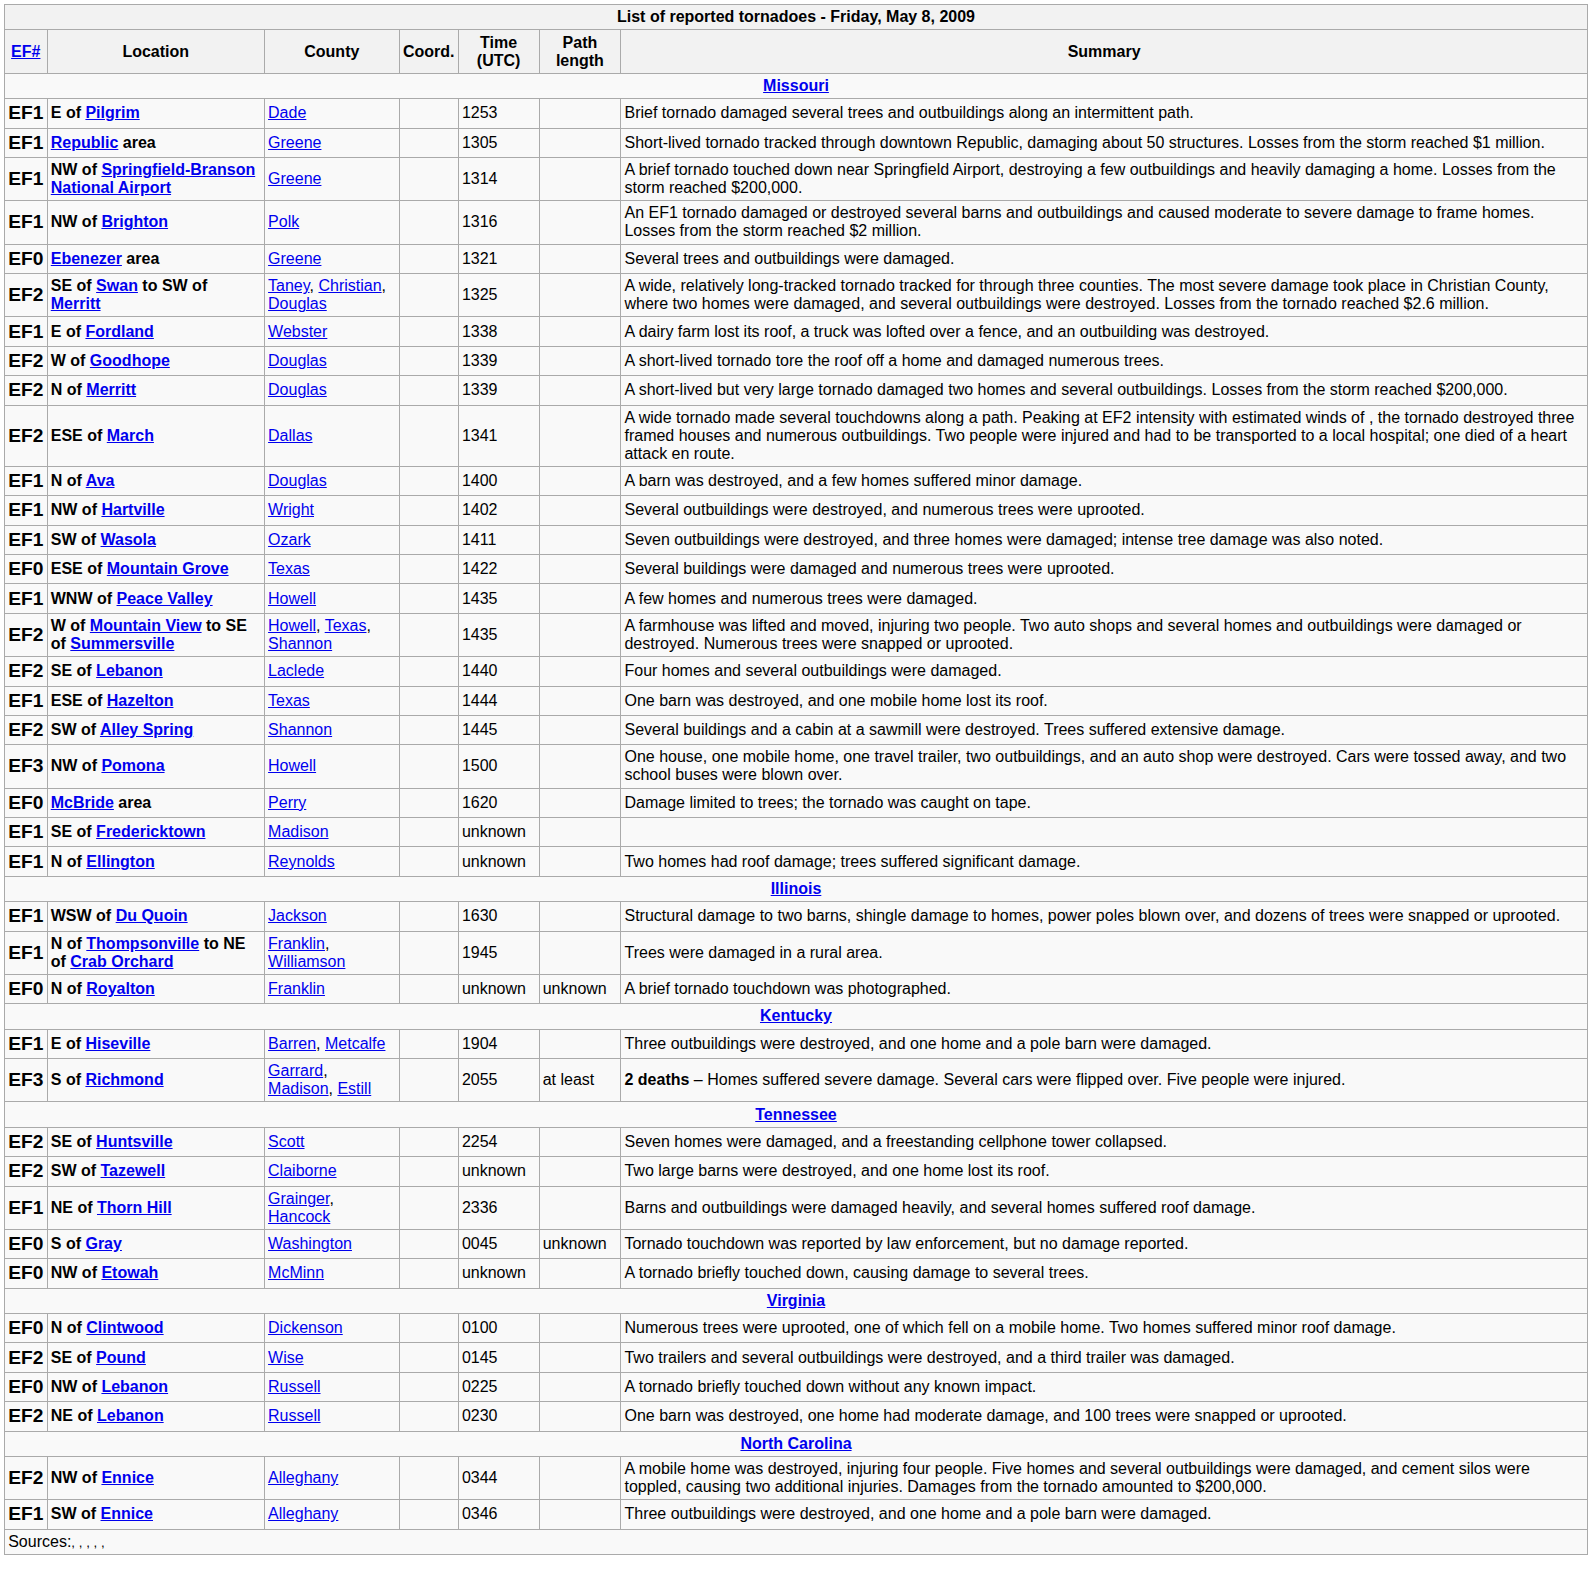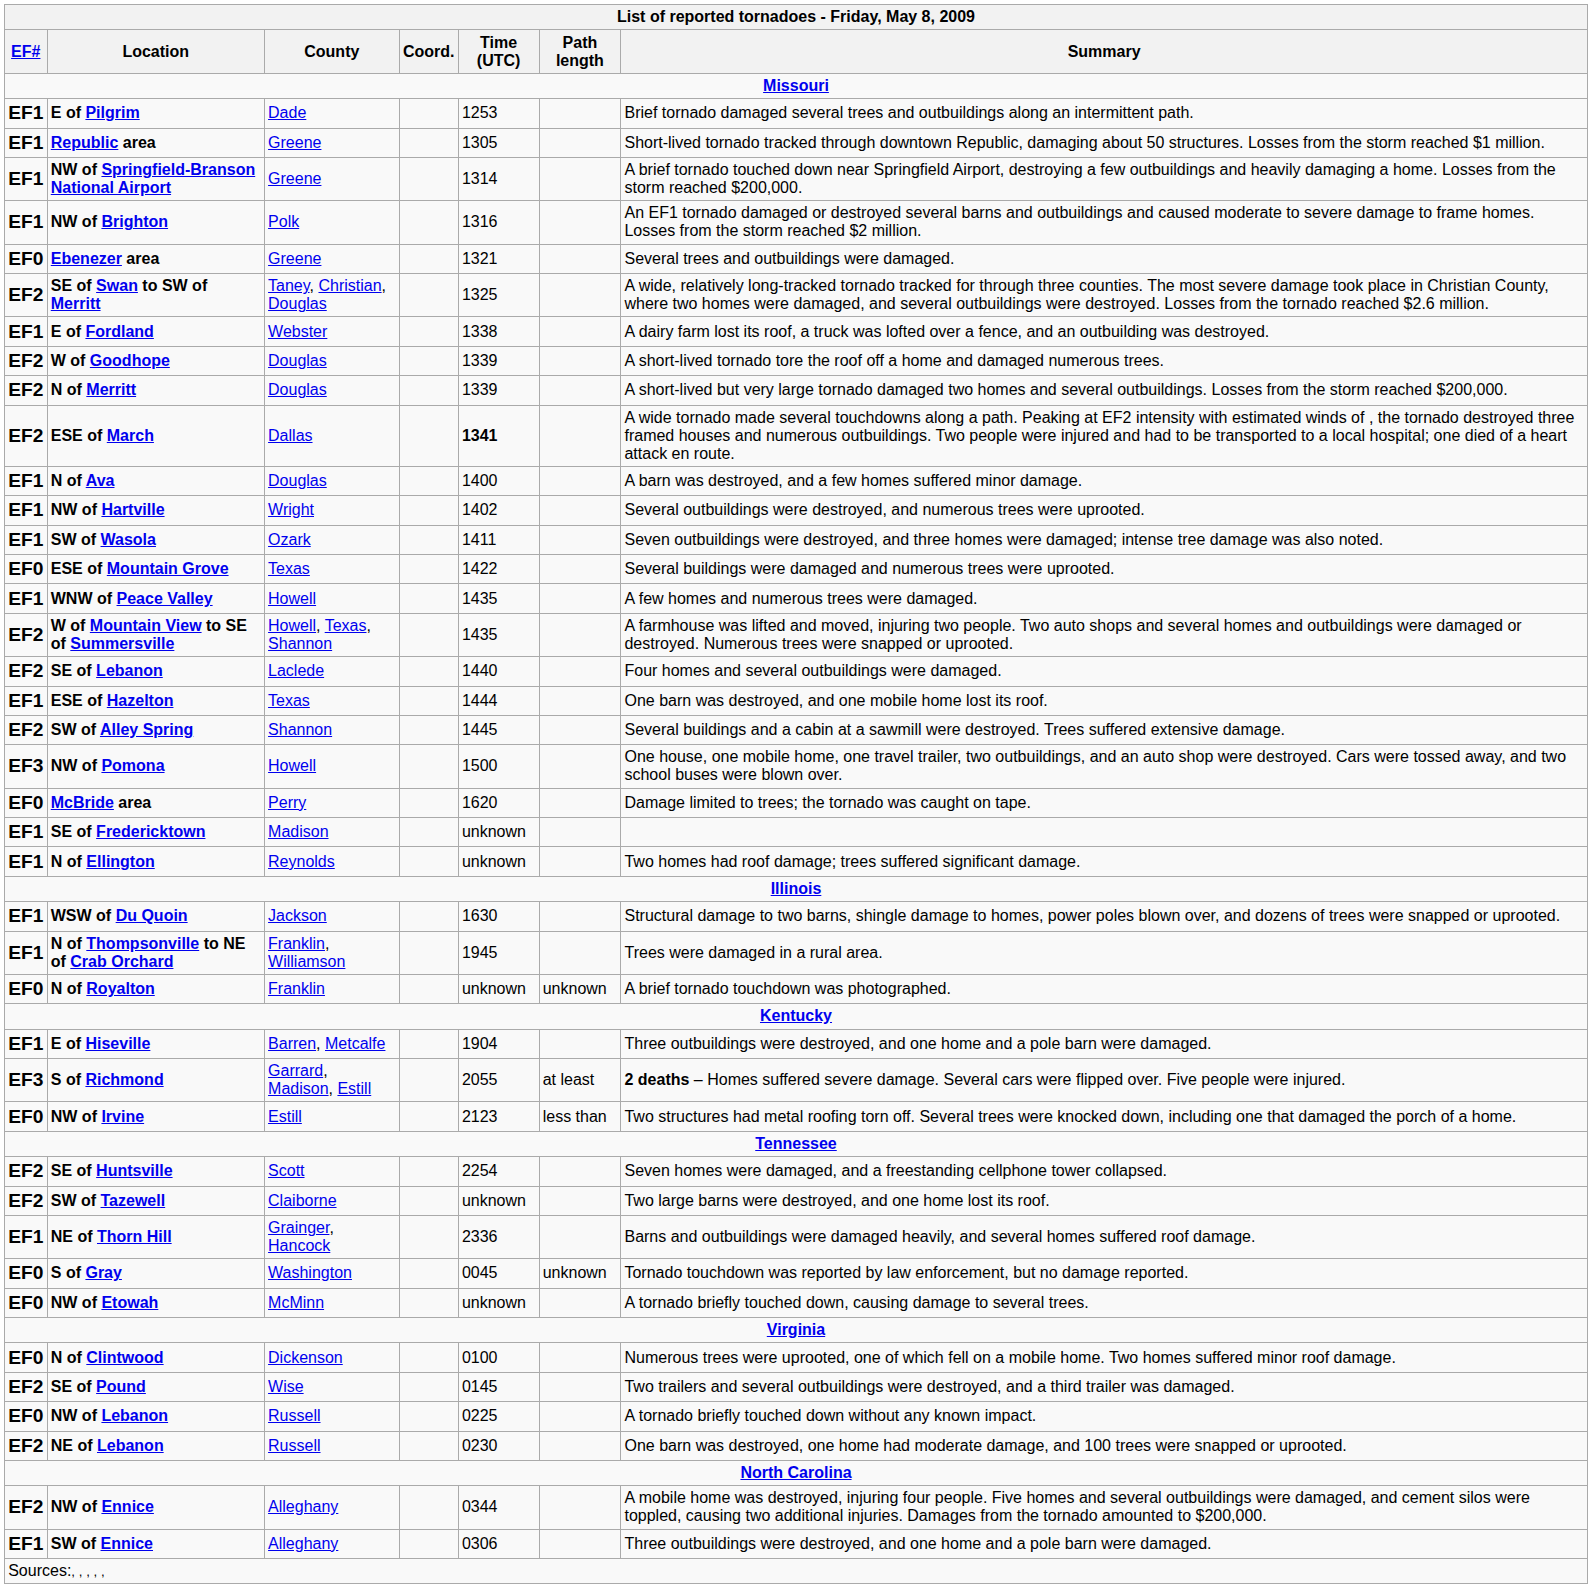 <table class="wikitable collapsible" width="100%">
 <tr>
 <th colspan="7">List of reported tornadoes - Friday, May 8, 2009</th>
 </tr>
 <tr>
 <th><a href='#'>EF#</a></th>
 <th>Location</th>
 <th>County</th>
 <th>Coord.</th>
 <th>Time (UTC)</th>
 <th>Path length</th>
 <th>Summary</th>
 </tr>
 <tr>
 <td colspan="7" align=center><strong><a href='#'>Missouri</a></strong></td>
 </tr>
 <tr>
 <td><big><strong>EF1</strong></big></td>
 <td><strong>E of <a href='#'>Pilgrim</a></strong></td>
 <td><a href='#'>Dade</a></td>
 <td></td>
 <td>1253</td>
 <td></td>
 <td>Brief tornado damaged several trees and outbuildings along an intermittent path.</td>
 </tr>
 <tr>
 <td><big><strong>EF1</strong></big></td>
 <td><strong><a href='#'>Republic</a> area</strong></td>
 <td><a href='#'>Greene</a></td>
 <td></td>
 <td>1305</td>
 <td></td>
 <td>Short-lived tornado tracked through downtown Republic, damaging about 50 structures. Losses from the storm reached $1 million.</td>
 </tr>
 <tr>
 <td><big><strong>EF1</strong></big></td>
 <td><strong>NW of <a href='#'>Springfield-Branson National Airport</a></strong></td>
 <td><a href='#'>Greene</a></td>
 <td></td>
 <td>1314</td>
 <td></td>
 <td>A brief tornado touched down near Springfield Airport, destroying a few outbuildings and heavily damaging a home. Losses from the storm reached $200,000.</td>
 </tr>
 <tr>
 <td><big><strong>EF1</strong></big></td>
 <td><strong>NW of <a href='#'>Brighton</a></strong></td>
 <td><a href='#'>Polk</a></td>
 <td></td>
 <td>1316</td>
 <td></td>
 <td>An EF1 tornado damaged or destroyed several barns and outbuildings and caused moderate to severe damage to frame homes. Losses from the storm reached $2 million.</td>
 </tr>
 <tr>
 <td><big><strong>EF0</strong></big></td>
 <td><strong><a href='#'>Ebenezer</a> area</strong></td>
 <td><a href='#'>Greene</a></td>
 <td></td>
 <td>1321</td>
 <td></td>
 <td>Several trees and outbuildings were damaged.</td>
 </tr>
 <tr>
 <td><big><strong>EF2</strong></big></td>
 <td><strong>SE of <a href='#'>Swan</a> to SW of <a href='#'>Merritt</a></strong></td>
 <td><a href='#'>Taney</a>, <a href='#'>Christian</a>, <a href='#'>Douglas</a></td>
 <td></td>
 <td>1325</td>
 <td></td>
 <td>A  wide, relatively long-tracked tornado tracked for  through three counties. The most severe damage took place in Christian County, where two homes were damaged, and several outbuildings were destroyed. Losses from the tornado reached $2.6 million.</td>
 </tr>
 <tr>
 <td><big><strong>EF1</strong></big></td>
 <td><strong>E of <a href='#'>Fordland</a></strong></td>
 <td><a href='#'>Webster</a></td>
 <td></td>
 <td>1338</td>
 <td></td>
 <td>A dairy farm lost its roof, a truck was lofted over a fence, and an outbuilding was destroyed.</td>
 </tr>
 <tr>
 <td><big><strong>EF2</strong></big></td>
 <td><strong>W of <a href='#'>Goodhope</a></strong></td>
 <td><a href='#'>Douglas</a></td>
 <td></td>
 <td>1339</td>
 <td></td>
 <td>A short-lived tornado tore the roof off a home and damaged numerous trees.</td>
 </tr>
 <tr>
 <td><big><strong>EF2</strong></big></td>
 <td><strong>N of <a href='#'>Merritt</a></strong></td>
 <td><a href='#'>Douglas</a></td>
 <td></td>
 <td>1339</td>
 <td></td>
 <td>A short-lived but very large  tornado damaged two homes and several outbuildings. Losses from the storm reached $200,000.</td>
 </tr>
 <tr>
 <td><big><strong>EF2</strong></big></td>
 <td><strong>ESE of <a href='#'>March</a></strong></td>
 <td><a href='#'>Dallas</a></td>
 <td></td>
-<td>1341</td>
+<td><strong>1341</strong></td>
 <td></td>
 <td>A  wide tornado made several touchdowns along a  path. Peaking at EF2 intensity with estimated winds of , the tornado destroyed three framed houses and numerous outbuildings. Two people were injured and had to be transported to a local hospital; one died of a heart attack en route.</td>
 </tr>
 <tr>
 <td><big><strong>EF1</strong></big></td>
 <td><strong>N of <a href='#'>Ava</a></strong></td>
 <td><a href='#'>Douglas</a></td>
 <td></td>
 <td>1400</td>
 <td></td>
 <td>A barn was destroyed, and a few homes suffered minor damage.</td>
 </tr>
 <tr>
 <td><big><strong>EF1</strong></big></td>
 <td><strong>NW of <a href='#'>Hartville</a></strong></td>
 <td><a href='#'>Wright</a></td>
 <td></td>
 <td>1402</td>
 <td></td>
 <td>Several outbuildings were destroyed, and numerous trees were uprooted.</td>
 </tr>
 <tr>
 <td><big><strong>EF1</strong></big></td>
 <td><strong>SW of <a href='#'>Wasola</a></strong></td>
 <td><a href='#'>Ozark</a></td>
 <td></td>
 <td>1411</td>
 <td></td>
 <td>Seven outbuildings were destroyed, and three homes were damaged; intense tree damage was also noted.</td>
 </tr>
 <tr>
 <td><big><strong>EF0</strong></big></td>
 <td><strong>ESE of <a href='#'>Mountain Grove</a></strong></td>
 <td><a href='#'>Texas</a></td>
 <td></td>
 <td>1422</td>
 <td></td>
 <td>Several buildings were damaged and numerous trees were uprooted.</td>
 </tr>
 <tr>
 <td><big><strong>EF1</strong></big></td>
 <td><strong>WNW of <a href='#'>Peace Valley</a></strong></td>
 <td><a href='#'>Howell</a></td>
 <td></td>
 <td>1435</td>
 <td></td>
 <td>A few homes and numerous trees were damaged.</td>
 </tr>
 <tr>
 <td><big><strong>EF2</strong></big></td>
 <td><strong>W of <a href='#'>Mountain View</a> to SE of <a href='#'>Summersville</a></strong></td>
 <td><a href='#'>Howell</a>, <a href='#'>Texas</a>, <a href='#'>Shannon</a></td>
 <td></td>
 <td>1435</td>
 <td></td>
 <td>A farmhouse was lifted and moved, injuring two people. Two auto shops and several homes and outbuildings were damaged or destroyed. Numerous trees were snapped or uprooted.</td>
 </tr>
 <tr>
 <td><big><strong>EF2</strong></big></td>
 <td><strong>SE of <a href='#'>Lebanon</a></strong></td>
 <td><a href='#'>Laclede</a></td>
 <td></td>
 <td>1440</td>
 <td></td>
 <td>Four homes and several outbuildings were damaged.</td>
 </tr>
 <tr>
 <td><big><strong>EF1</strong></big></td>
 <td><strong>ESE of <a href='#'>Hazelton</a></strong></td>
 <td><a href='#'>Texas</a></td>
 <td></td>
 <td>1444</td>
 <td></td>
 <td>One barn was destroyed, and one mobile home lost its roof.</td>
 </tr>
 <tr>
 <td><big><strong>EF2</strong></big></td>
 <td><strong>SW of <a href='#'>Alley Spring</a></strong></td>
 <td><a href='#'>Shannon</a></td>
 <td></td>
 <td>1445</td>
 <td></td>
 <td>Several buildings and a cabin at a sawmill were destroyed. Trees suffered extensive damage.</td>
 </tr>
 <tr>
 <td><big><strong>EF3</strong></big></td>
 <td><strong>NW of <a href='#'>Pomona</a></strong></td>
 <td><a href='#'>Howell</a></td>
 <td></td>
 <td>1500</td>
 <td></td>
 <td>One house, one mobile home, one travel trailer, two outbuildings, and an auto shop were destroyed. Cars were tossed  away, and two school buses were blown over.</td>
 </tr>
 <tr>
 <td><big><strong>EF0</strong></big></td>
 <td><strong><a href='#'>McBride</a> area</strong></td>
 <td><a href='#'>Perry</a></td>
 <td></td>
 <td>1620</td>
 <td></td>
 <td>Damage limited to trees; the tornado was caught on tape.</td>
 </tr>
 <tr>
 <td><big><strong>EF1</strong></big></td>
 <td><strong>SE of <a href='#'>Fredericktown</a></strong></td>
 <td><a href='#'>Madison</a></td>
 <td></td>
 <td>unknown</td>
 <td></td>
 <td></td>
 </tr>
 <tr>
 <td><big><strong>EF1</strong></big></td>
 <td><strong>N of <a href='#'>Ellington</a></strong></td>
 <td><a href='#'>Reynolds</a></td>
 <td></td>
 <td>unknown</td>
 <td></td>
 <td>Two homes had roof damage; trees suffered significant damage.</td>
 </tr>
 <tr>
 <td colspan="7" align=center><strong><a href='#'>Illinois</a></strong></td>
 </tr>
 <tr>
 <td><big><strong>EF1</strong></big></td>
 <td><strong>WSW of <a href='#'>Du Quoin</a></strong></td>
 <td><a href='#'>Jackson</a></td>
 <td></td>
 <td>1630</td>
 <td></td>
 <td>Structural damage to two barns, shingle damage to homes, power poles blown over, and dozens of trees were snapped or uprooted.</td>
 </tr>
 <tr>
 <td><big><strong>EF1</strong></big></td>
 <td><strong>N of <a href='#'>Thompsonville</a> to NE of <a href='#'>Crab Orchard</a></strong></td>
 <td><a href='#'>Franklin</a>, <a href='#'>Williamson</a></td>
 <td></td>
 <td>1945</td>
 <td></td>
 <td>Trees were damaged in a rural area.</td>
 </tr>
 <tr>
 <td><big><strong>EF0</strong></big></td>
 <td><strong>N of <a href='#'>Royalton</a></strong></td>
 <td><a href='#'>Franklin</a></td>
 <td></td>
 <td>unknown</td>
 <td>unknown</td>
 <td>A brief tornado touchdown was photographed.</td>
 </tr>
 <tr>
 <td colspan="7" align=center><strong><a href='#'>Kentucky</a></strong></td>
 </tr>
 <tr>
 <td><big><strong>EF1</strong></big></td>
 <td><strong>E of <a href='#'>Hiseville</a></strong></td>
 <td><a href='#'>Barren</a>, <a href='#'>Metcalfe</a></td>
 <td></td>
 <td>1904</td>
 <td></td>
 <td>Three outbuildings were destroyed, and one home and a pole barn were damaged.</td>
 </tr>
 <tr>
 <td><big><strong>EF3</strong></big></td>
 <td><strong>S of <a href='#'>Richmond</a></strong></td>
 <td><a href='#'>Garrard</a>, <a href='#'>Madison</a>, <a href='#'>Estill</a></td>
 <td></td>
 <td>2055</td>
 <td>at least </td>
 <td><strong>2 deaths</strong> – Homes suffered severe damage. Several cars were flipped over. Five people were injured.</td>
 </tr>
 <tr>
+<td><big><strong>EF0</strong></big></td>
+<td><strong>NW of <a href='#'>Irvine</a></strong></td>
+<td><a href='#'>Estill</a></td>
+<td></td>
+<td>2123</td>
+<td>less than </td>
+<td>Two structures had metal roofing torn off. Several trees were knocked down, including one that damaged the porch of a home.</td>
+</tr>
+<tr>
 <td colspan="7" align=center><strong><a href='#'>Tennessee</a></strong></td>
 </tr>
 <tr>
 <td><big><strong>EF2</strong></big></td>
 <td><strong>SE of <a href='#'>Huntsville</a></strong></td>
 <td><a href='#'>Scott</a></td>
 <td></td>
 <td>2254</td>
 <td></td>
 <td>Seven homes were damaged, and a freestanding cellphone tower collapsed.</td>
 </tr>
 <tr>
 <td><big><strong>EF2</strong></big></td>
 <td><strong>SW of <a href='#'>Tazewell</a></strong></td>
 <td><a href='#'>Claiborne</a></td>
 <td></td>
 <td>unknown</td>
 <td></td>
 <td>Two large barns were destroyed, and one home lost its roof.</td>
 </tr>
 <tr>
 <td><big><strong>EF1</strong></big></td>
 <td><strong>NE of <a href='#'>Thorn Hill</a></strong></td>
 <td><a href='#'>Grainger</a>, <a href='#'>Hancock</a></td>
 <td></td>
 <td>2336</td>
 <td></td>
 <td>Barns and outbuildings were damaged heavily, and several homes suffered roof damage.</td>
 </tr>
 <tr>
 <td><big><strong>EF0</strong></big></td>
 <td><strong>S of <a href='#'>Gray</a></strong></td>
 <td><a href='#'>Washington</a></td>
 <td></td>
 <td>0045</td>
 <td>unknown</td>
 <td>Tornado touchdown was reported by law enforcement, but no damage reported.</td>
 </tr>
 <tr>
 <td><big><strong>EF0</strong></big></td>
 <td><strong>NW of <a href='#'>Etowah</a></strong></td>
 <td><a href='#'>McMinn</a></td>
 <td></td>
 <td>unknown</td>
 <td></td>
 <td>A tornado briefly touched down, causing damage to several trees.</td>
 </tr>
 <tr>
 <td colspan="7" align=center><strong><a href='#'>Virginia</a></strong></td>
 </tr>
 <tr>
 <td><big><strong>EF0</strong></big></td>
 <td><strong>N of <a href='#'>Clintwood</a></strong></td>
 <td><a href='#'>Dickenson</a></td>
 <td></td>
 <td>0100</td>
 <td></td>
 <td>Numerous trees were uprooted, one of which fell on a mobile home. Two homes suffered minor roof damage.</td>
 </tr>
 <tr>
 <td><big><strong>EF2</strong></big></td>
 <td><strong>SE of <a href='#'>Pound</a></strong></td>
 <td><a href='#'>Wise</a></td>
 <td></td>
 <td>0145</td>
 <td></td>
 <td>Two trailers and several outbuildings were destroyed, and a third trailer was damaged.</td>
 </tr>
 <tr>
 <td><big><strong>EF0</strong></big></td>
 <td><strong>NW of <a href='#'>Lebanon</a></strong></td>
 <td><a href='#'>Russell</a></td>
 <td></td>
 <td>0225</td>
 <td></td>
 <td>A tornado briefly touched down without any known impact.</td>
 </tr>
 <tr>
 <td><big><strong>EF2</strong></big></td>
 <td><strong>NE of <a href='#'>Lebanon</a></strong></td>
 <td><a href='#'>Russell</a></td>
 <td></td>
 <td>0230</td>
 <td></td>
 <td>One barn was destroyed, one home had moderate damage, and 100 trees were snapped or uprooted.</td>
 </tr>
 <tr>
 <td colspan="7" align=center><strong><a href='#'>North Carolina</a></strong></td>
 </tr>
 <tr>
 <td><big><strong>EF2</strong></big></td>
 <td><strong>NW of <a href='#'>Ennice</a></strong></td>
 <td><a href='#'>Alleghany</a></td>
 <td></td>
 <td>0344</td>
 <td></td>
 <td>A mobile home was destroyed, injuring four people. Five homes and several outbuildings were damaged, and cement silos were toppled, causing two additional injuries. Damages from the tornado amounted to $200,000.</td>
 </tr>
 <tr>
 <td><big><strong>EF1</strong></big></td>
 <td><strong>SW of <a href='#'>Ennice</a></strong></td>
 <td><a href='#'>Alleghany</a></td>
 <td></td>
-<td>0346</td>
+<td>0306</td>
 <td></td>
 <td>Three outbuildings were destroyed, and one home and a pole barn were damaged.</td>
 </tr>
 <tr>
 <td colspan="7">Sources:<small>, , , , , </small></td>
 </tr>
 </table>
